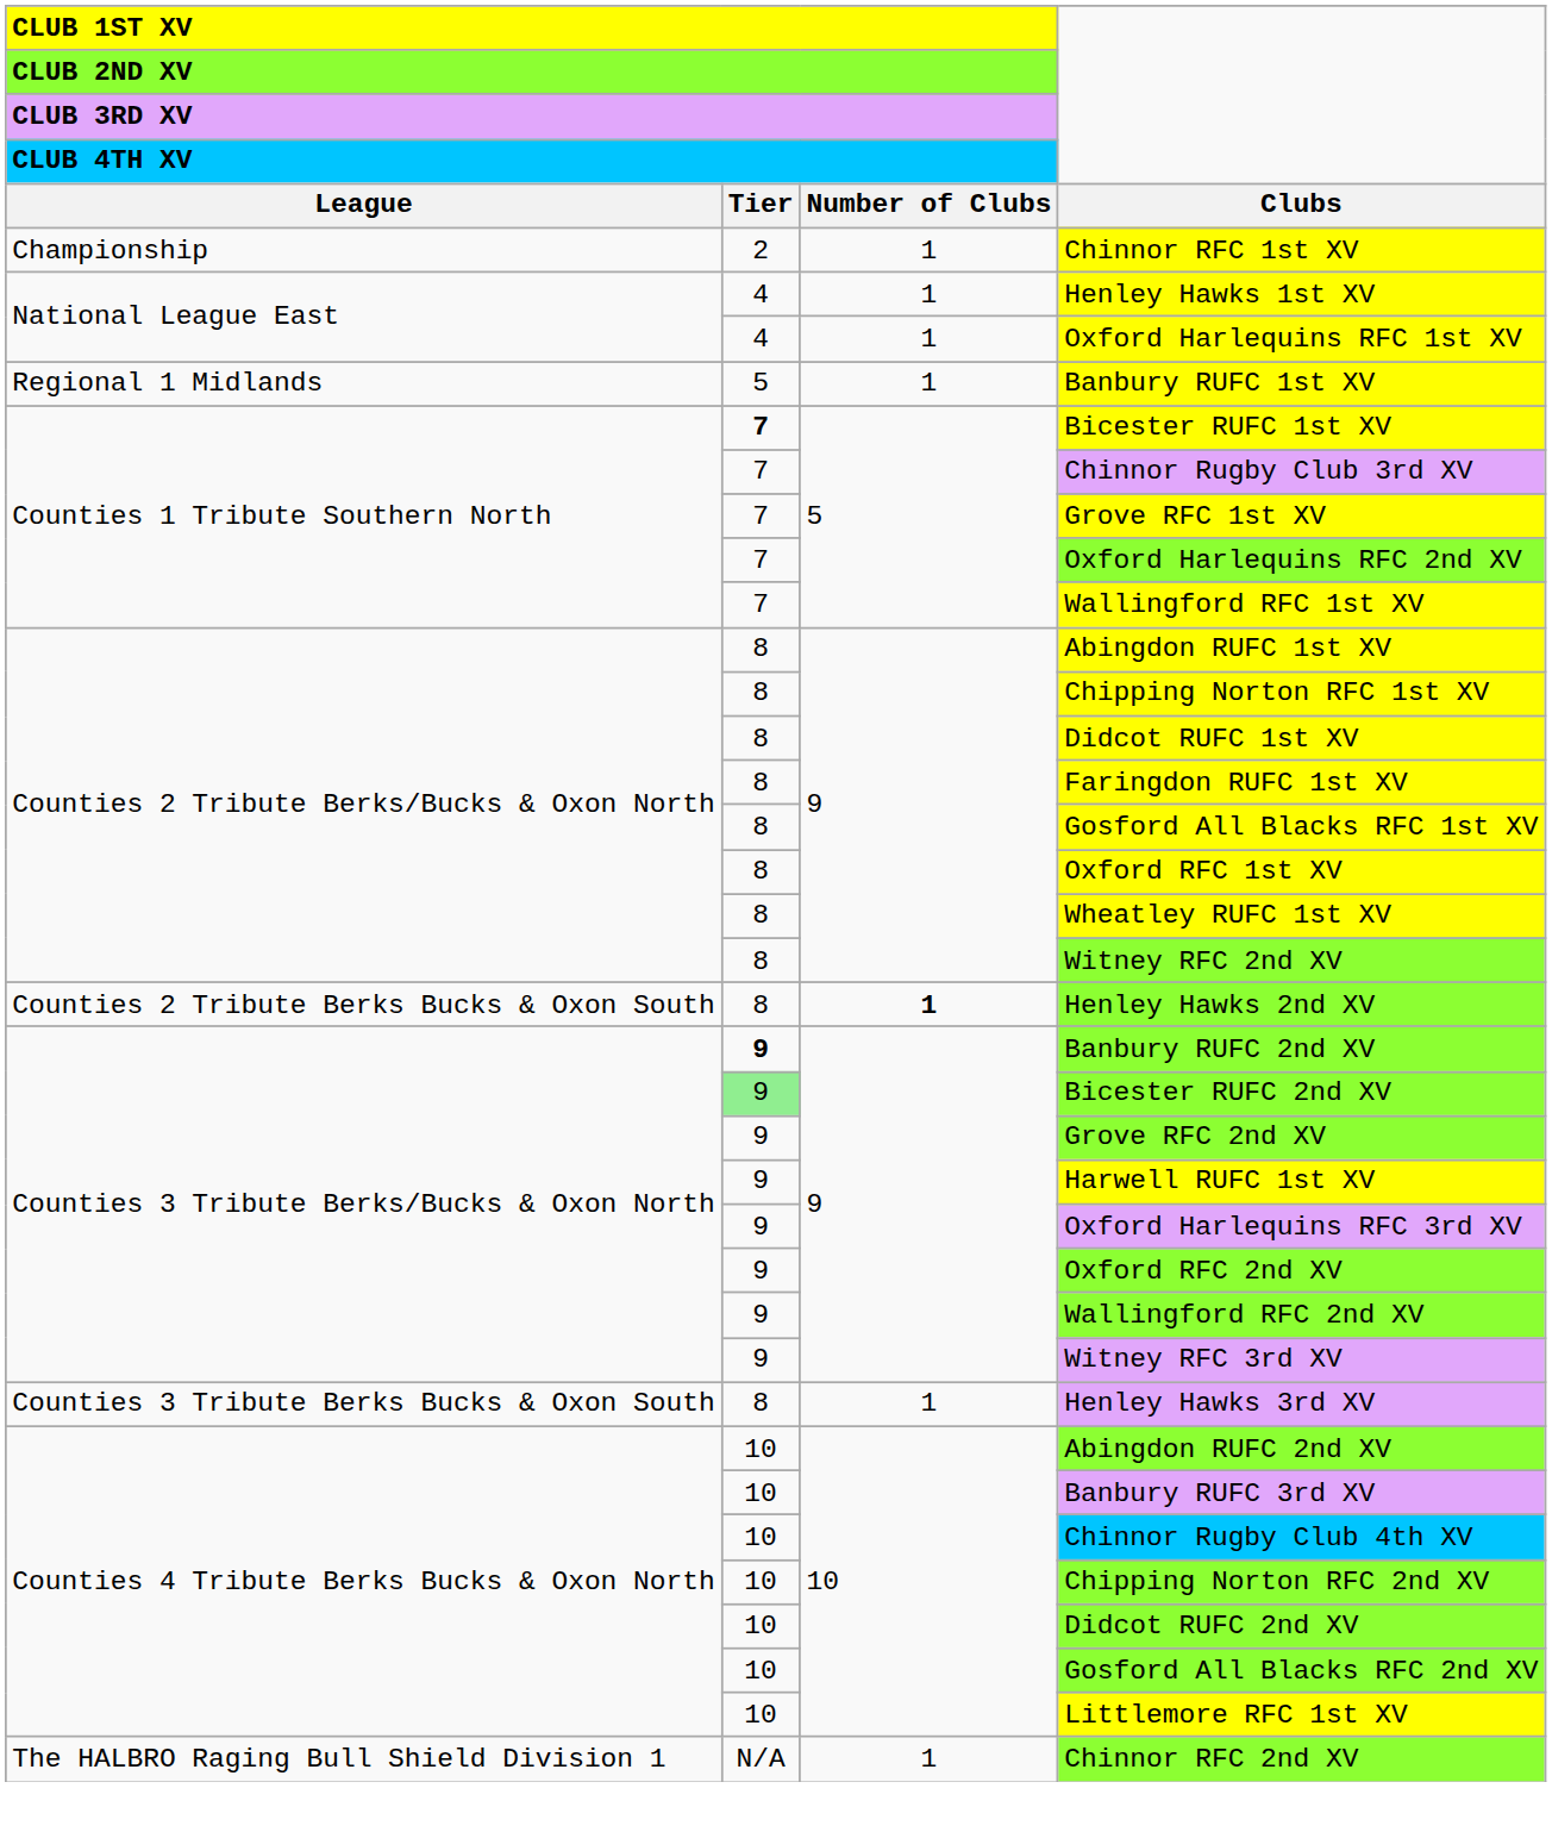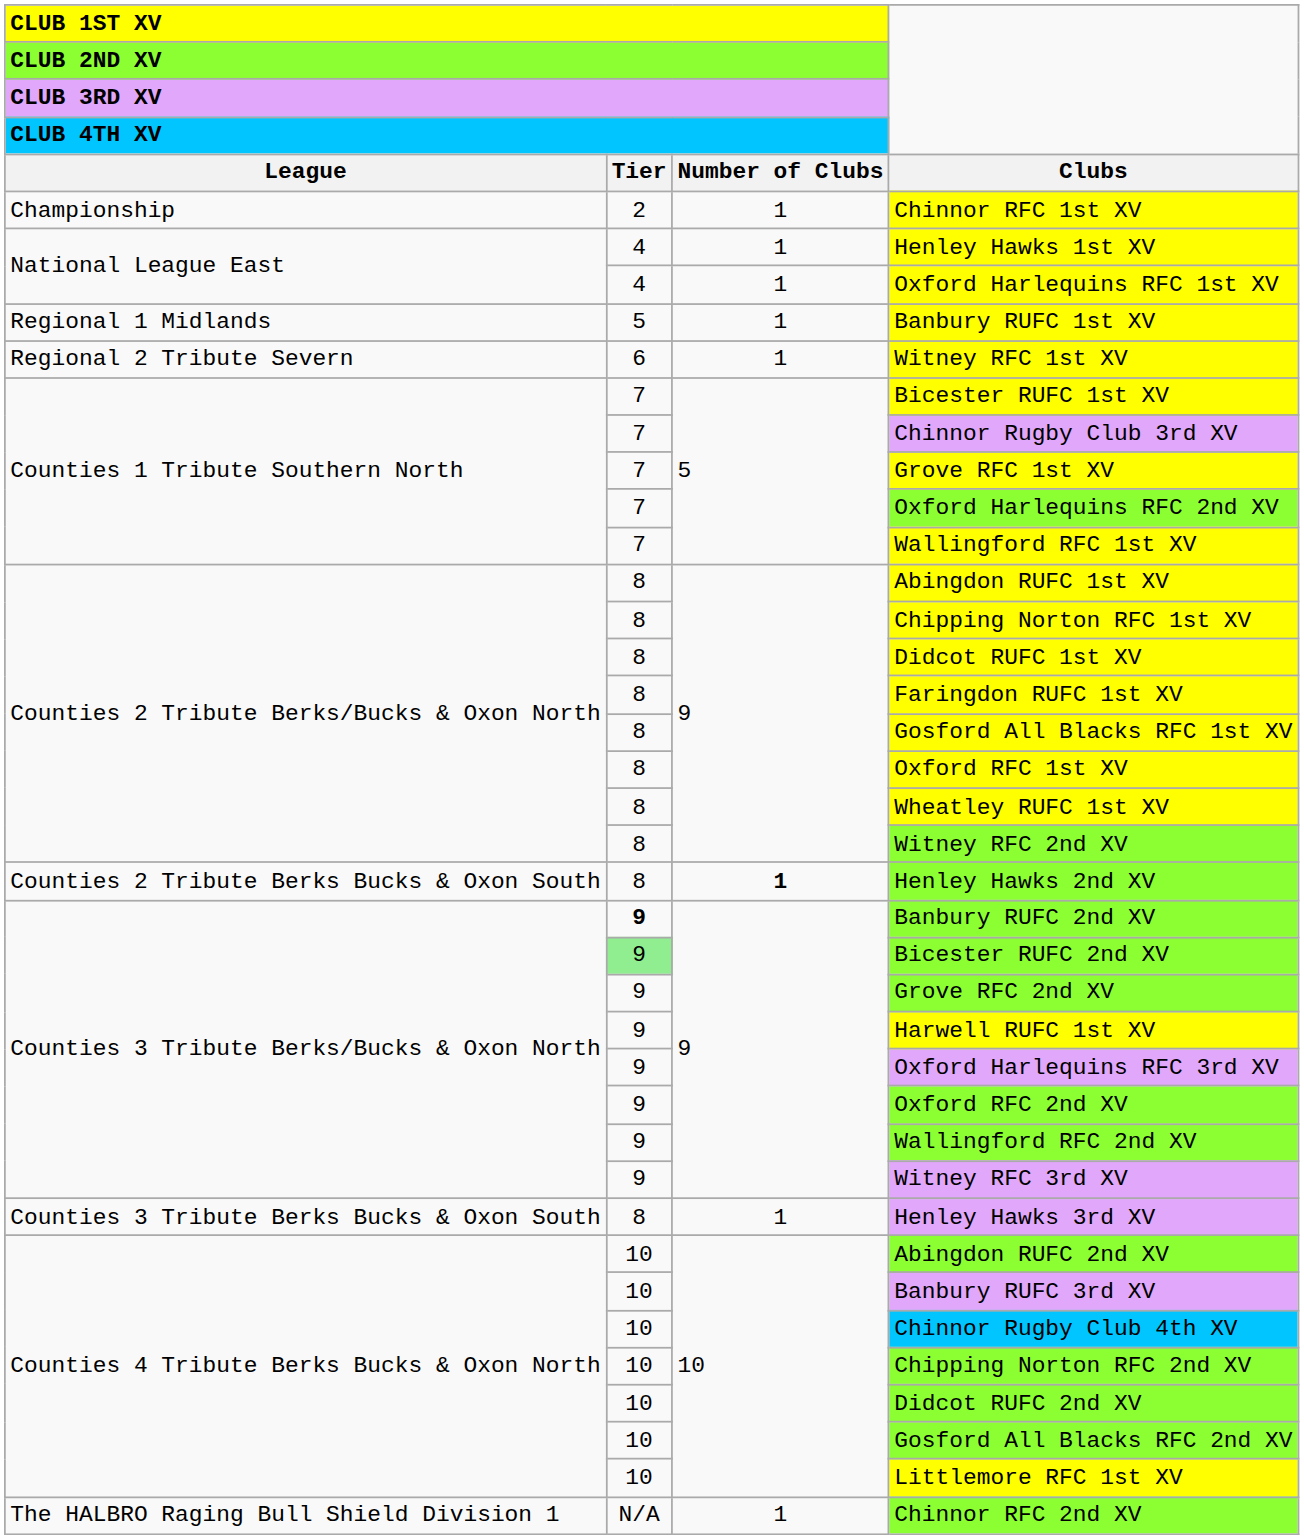 <table class="wikitable">
 <tr>
 <td Colspan=3 style=background:#FFFF00><strong>CLUB 1ST XV</strong></td>
 </tr>
 <tr>
 <td Colspan=3 style=background:#8CFF32><strong>CLUB 2ND XV</strong></td>
 </tr>
 <tr>
 <td Colspan=3 style=background:#E1A7FB><strong>CLUB 3RD XV</strong></td>
 </tr>
 <tr>
 <td Colspan=3 style=background:#00C5FF><strong>CLUB 4TH XV</strong></td>
 </tr>
 <tr>
 <th>League</th>
 <th>Tier</th>
 <th>Number of Clubs</th>
 <th>Clubs</th>
 </tr>
 <tr>
 <td>Championship</td>
 <td style="text-align:center;">2</td>
 <td style="text-align:center;">1</td>
 <td style=background:#FFFF00>Chinnor RFC 1st XV</td>
 </tr>
 <tr>
 <td rowspan=2>National League East</td>
 <td style="text-align:center;">4</td>
 <td style="text-align:center;">1</td>
 <td style=background:#FFFF00>Henley Hawks 1st XV</td>
 </tr>
 <tr>
 <td style="text-align:center;">4</td>
 <td style="text-align:center;">1</td>
 <td style=background:#FFFF00>Oxford Harlequins RFC 1st XV</td>
 </tr>
 <tr>
 <td>Regional 1 Midlands</td>
 <td style="text-align:center;">5</td>
 <td style="text-align:center;">1</td>
 <td style=background:#FFFF00>Banbury RUFC 1st XV</td>
 </tr>
 <tr>
+<td>Regional 2 Tribute Severn</td>
+<td style="text-align:center;">6</td>
+<td style="text-align:center;">1</td>
+<td style=background:#FFFF00>Witney RFC 1st XV</td>
+</tr>
+<tr>
 <td rowspan=5>Counties 1 Tribute Southern North</td>
-<td style="text-align:center;"><strong>7</strong></td>
+<td style="text-align:center;">7</td>
 <td rowspan=5>5</td>
 <td style=background:#FFFF00>Bicester RUFC 1st XV</td>
 </tr>
 <tr>
 <td style="text-align:center;">7</td>
 <td style=background:#E1A7FB>Chinnor Rugby Club 3rd XV</td>
 </tr>
 <tr>
 <td style="text-align:center;">7</td>
 <td style=background:#FFFF00>Grove RFC 1st XV</td>
 </tr>
 <tr>
 <td style="text-align:center;">7</td>
 <td style=background:#8CFF32>Oxford Harlequins RFC 2nd XV</td>
 </tr>
 <tr>
 <td style="text-align:center;">7</td>
 <td style=background:#FFFF00>Wallingford RFC 1st XV</td>
 </tr>
 <tr>
 <td rowspan=8>Counties 2 Tribute Berks/Bucks & Oxon North</td>
 <td style="text-align:center;">8</td>
 <td rowspan=8>9</td>
 <td style=background:#FFFF00>Abingdon RUFC 1st XV</td>
 </tr>
 <tr>
 <td style="text-align:center;">8</td>
 <td style=background:#FFFF00>Chipping Norton RFC 1st XV</td>
 </tr>
 <tr>
 <td style="text-align:center;">8</td>
 <td style=background:#FFFF00>Didcot RUFC 1st XV</td>
 </tr>
 <tr>
 <td style="text-align:center;">8</td>
 <td style=background:#FFFF00>Faringdon RUFC 1st XV</td>
 </tr>
 <tr>
 <td style="text-align:center;">8</td>
 <td style=background:#FFFF00>Gosford All Blacks RFC 1st XV</td>
 </tr>
 <tr>
 <td style="text-align:center;">8</td>
 <td style=background:#FFFF00>Oxford RFC 1st XV</td>
 </tr>
 <tr>
 <td style="text-align:center;">8</td>
 <td style=background:#FFFF00>Wheatley RUFC 1st XV</td>
 </tr>
 <tr>
 <td style="text-align:center;">8</td>
 <td style=background:#8CFF32>Witney RFC 2nd XV</td>
 </tr>
 <tr>
 <td>Counties 2 Tribute Berks Bucks & Oxon South</td>
 <td style="text-align:center;">8</td>
 <td style="text-align:center;"><strong>1</strong></td>
 <td style=background:#8CFF32>Henley Hawks 2nd XV</td>
 </tr>
 <tr>
 <td rowspan=8>Counties 3 Tribute Berks/Bucks & Oxon North</td>
 <td style="text-align:center;"><strong>9</strong></td>
 <td rowspan=8>9</td>
 <td style=background:#8CFF32>Banbury RUFC 2nd XV</td>
 </tr>
 <tr>
 <td style="background: lightgreen; text-align:center;">9</td>
 <td style=background:#8CFF32>Bicester RUFC 2nd XV</td>
 </tr>
 <tr>
 <td style="text-align:center;">9</td>
 <td style=background:#8CFF32>Grove RFC 2nd XV</td>
 </tr>
 <tr>
 <td style="text-align:center;">9</td>
 <td style=background:#FFFF00>Harwell RUFC 1st XV</td>
 </tr>
 <tr>
 <td style="text-align:center;">9</td>
 <td style=background:#E1A7FB>Oxford Harlequins RFC 3rd XV</td>
 </tr>
 <tr>
 <td style="text-align:center;">9</td>
 <td style=background:#8CFF32>Oxford RFC 2nd XV</td>
 </tr>
 <tr>
 <td style="text-align:center;">9</td>
 <td style=background:#8CFF32>Wallingford RFC 2nd XV</td>
 </tr>
 <tr>
 <td style="text-align:center;">9</td>
 <td style=background:#E1A7FB>Witney RFC 3rd XV</td>
 </tr>
 <tr>
 <td>Counties 3 Tribute Berks Bucks & Oxon South</td>
 <td style="text-align:center;">8</td>
 <td style="text-align:center;">1</td>
 <td style=background:#E1A7FB>Henley Hawks 3rd XV</td>
 </tr>
 <tr>
 <td rowspan=7>Counties 4 Tribute Berks Bucks & Oxon North</td>
 <td style="text-align:center;">10</td>
 <td rowspan=7>10</td>
 <td style=background:#8CFF32>Abingdon RUFC 2nd XV</td>
 </tr>
 <tr>
 <td style="text-align:center;">10</td>
 <td style=background:#E1A7FB>Banbury RUFC 3rd XV</td>
 </tr>
 <tr>
 <td style="text-align:center;">10</td>
 <td style=background:#00C5FF>Chinnor Rugby Club 4th XV</td>
 </tr>
 <tr>
 <td style="text-align:center;">10</td>
 <td style=background:#8CFF32>Chipping Norton RFC 2nd XV</td>
 </tr>
 <tr>
 <td style="text-align:center;">10</td>
 <td style=background:#8CFF32>Didcot RUFC 2nd XV</td>
 </tr>
 <tr>
 <td style="text-align:center;">10</td>
 <td style=background:#8CFF32>Gosford All Blacks RFC 2nd XV</td>
 </tr>
 <tr>
 <td style="text-align:center;">10</td>
 <td style=background:#FFFF00>Littlemore RFC 1st XV</td>
 </tr>
 <tr>
 <td>The HALBRO Raging Bull Shield Division 1</td>
 <td style="text-align:center;">N/A</td>
 <td style="text-align:center;">1</td>
 <td style=background:#8CFF32>Chinnor RFC 2nd XV</td>
 </tr>
 </table>
